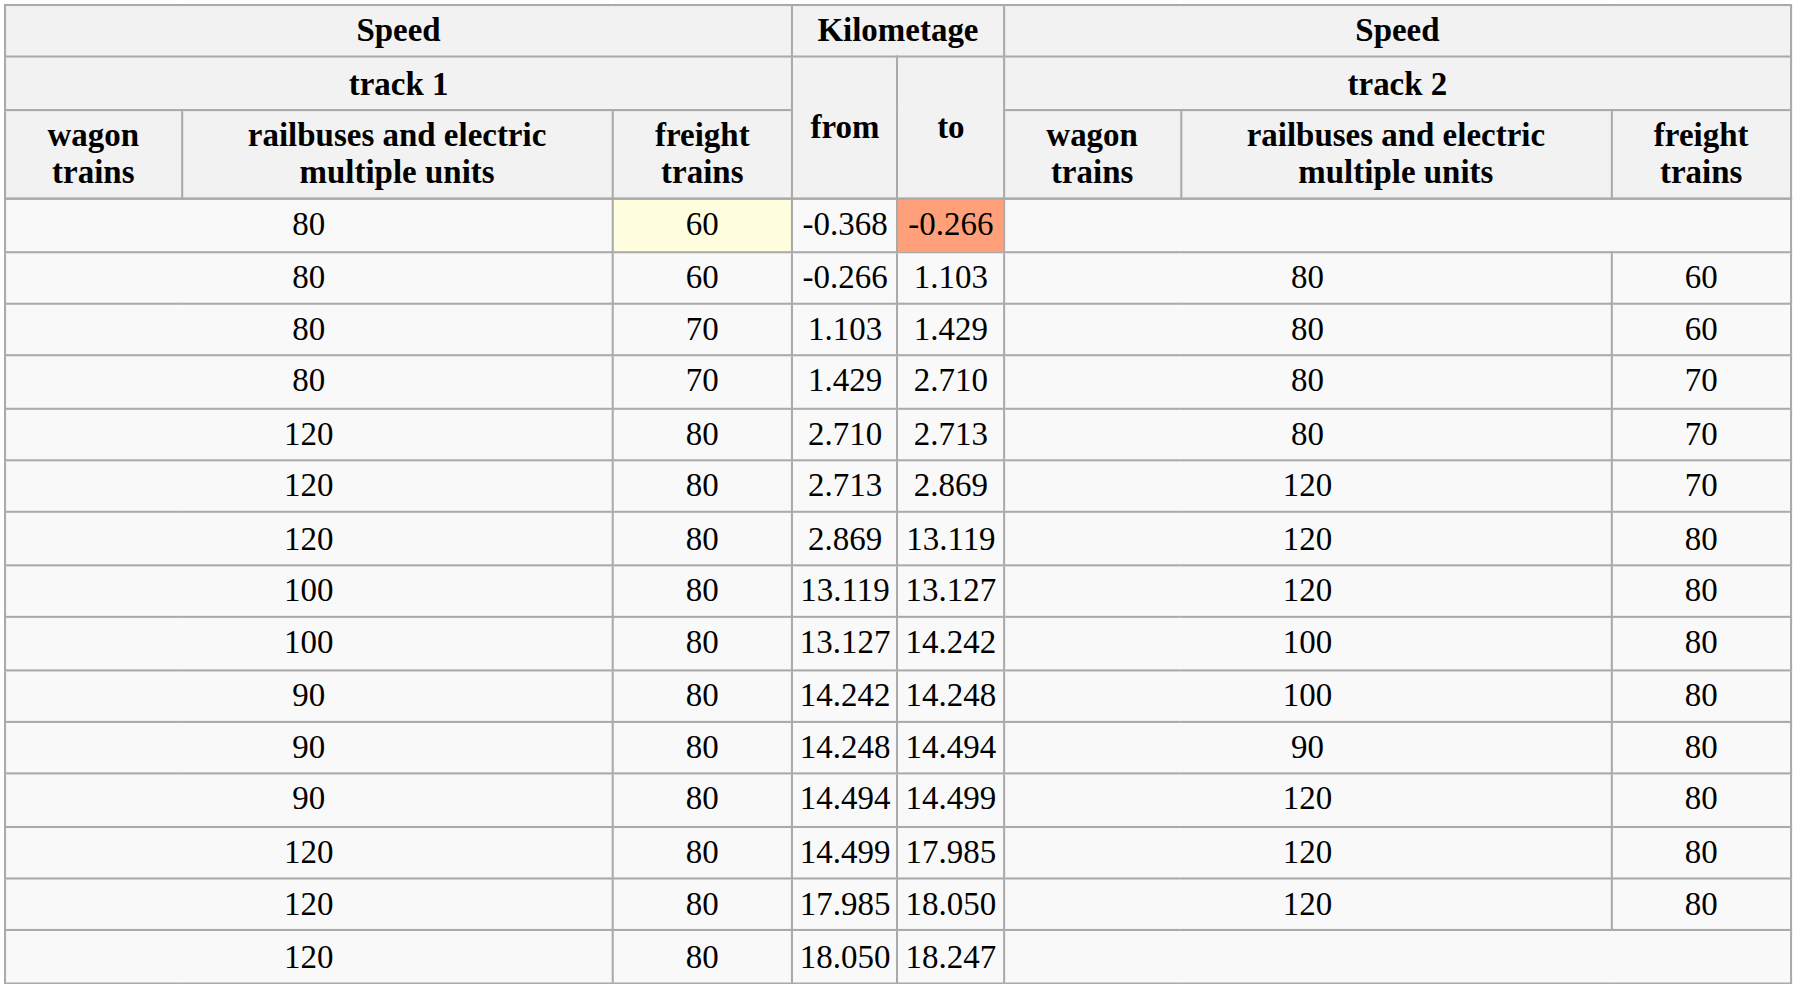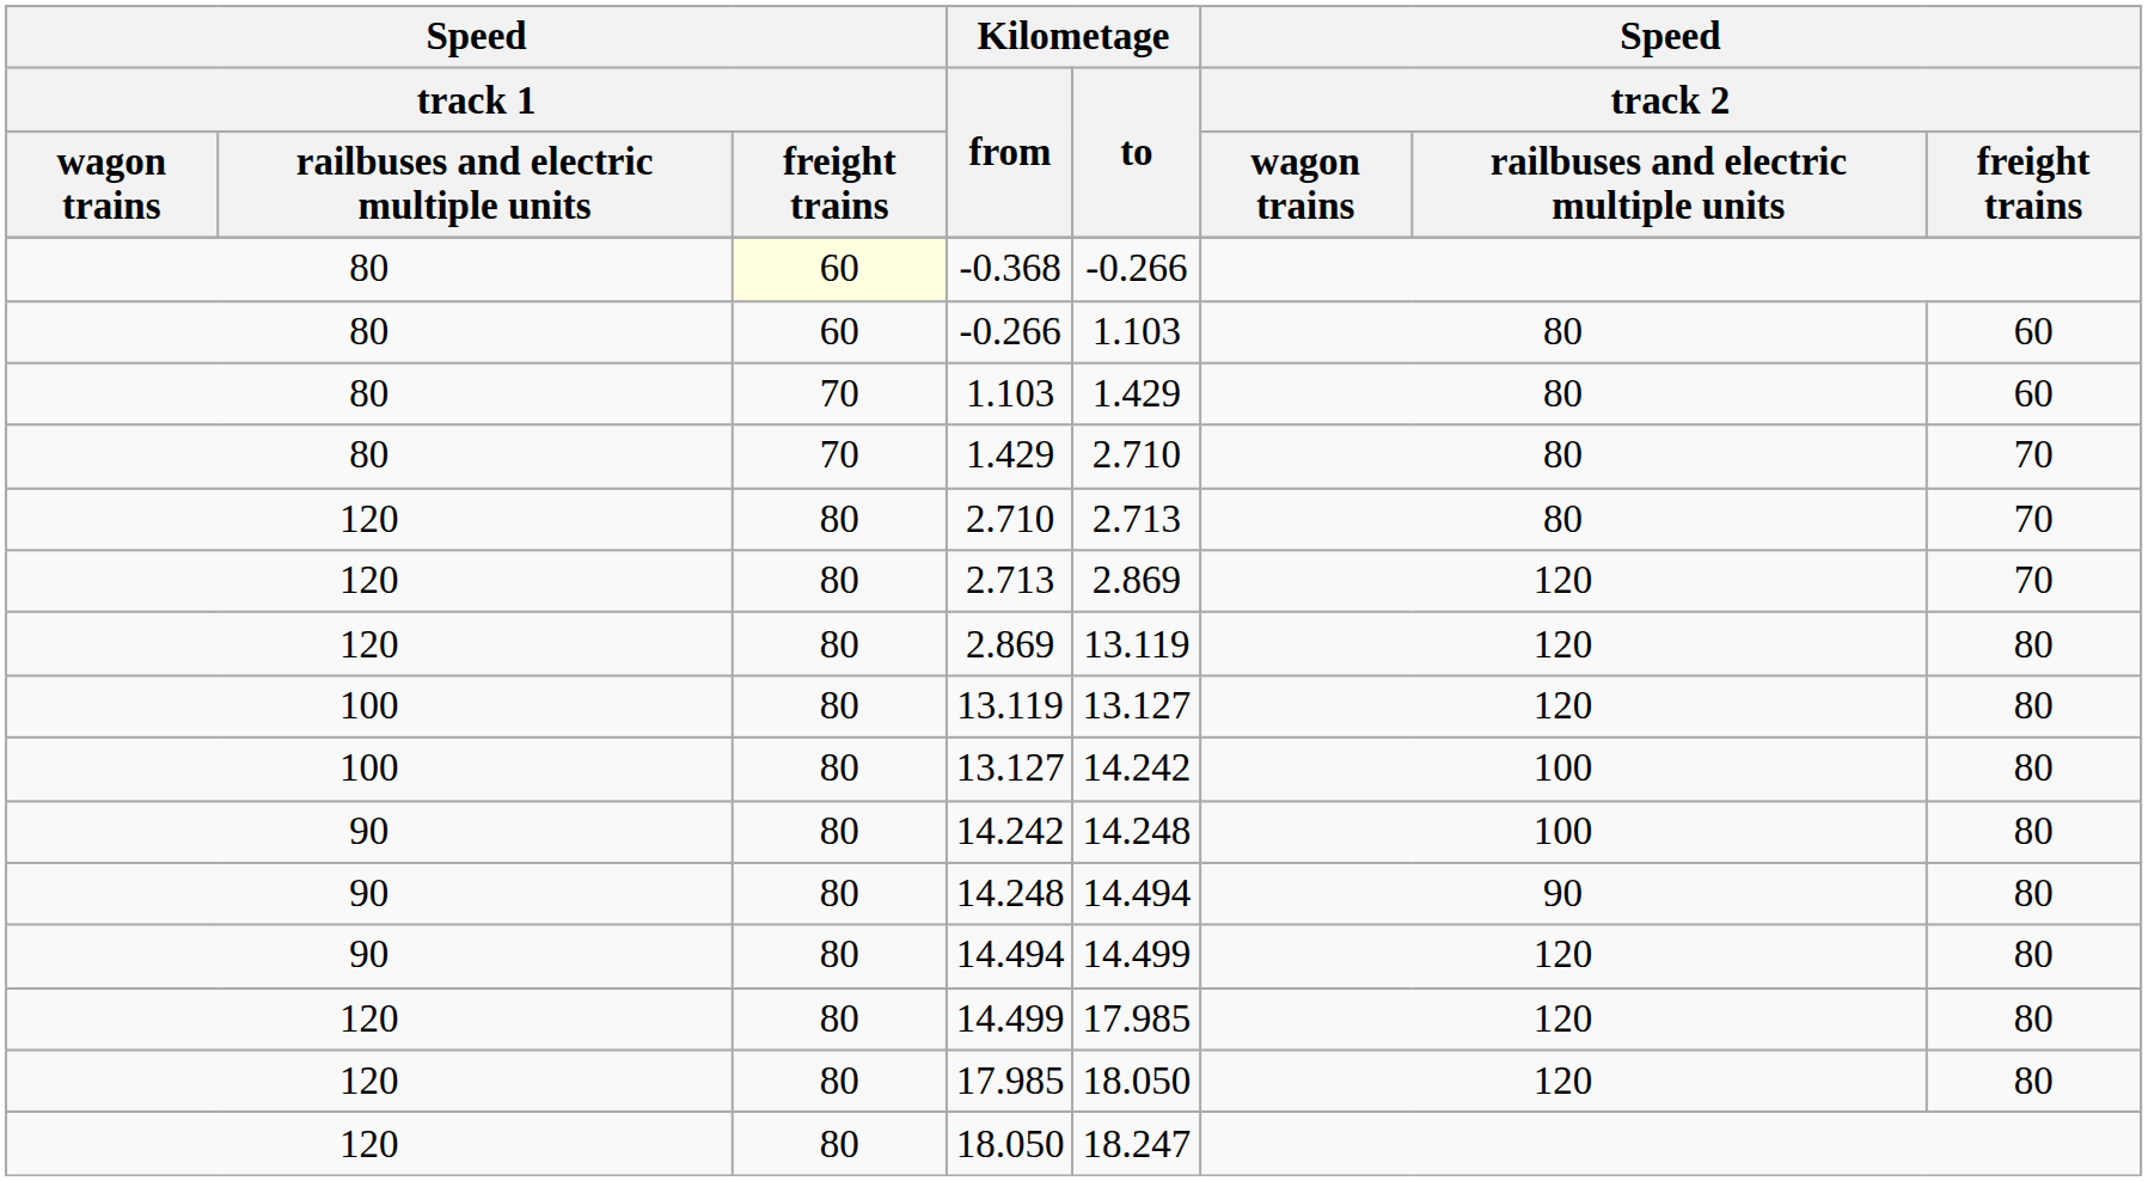 <table class="wikitable" style="text-align:center">
 <tr>
 <th colspan="3">Speed</th>
 <th colspan="2">Kilometage</th>
 <th colspan="3">Speed</th>
 </tr>
 <tr>
 <th colspan="3">track 1</th>
 <th rowspan="2">from</th>
 <th rowspan="2">to</th>
 <th colspan="3">track 2</th>
 </tr>
 <tr>
 <th>wagon trains</th>
 <th>railbuses and electric multiple units</th>
 <th>freight trains</th>
 <th>wagon trains</th>
 <th>railbuses and electric multiple units</th>
 <th>freight trains</th>
 </tr>
 <tr>
 </tr>
 <tr>
 <td colspan="2">80</td>
 <td style="background: lightyellow;">60</td>
 <td>-0.368</td>
-<td style="background: lightsalmon;">-0.266</td>
+<td>-0.266</td>
 <td colspan="3"></td>
 </tr>
 <tr>
 <td colspan="2">80</td>
 <td>60</td>
 <td>-0.266</td>
 <td>1.103</td>
 <td colspan="2">80</td>
 <td>60</td>
 </tr>
 <tr>
 <td colspan="2">80</td>
 <td>70</td>
 <td>1.103</td>
 <td>1.429</td>
 <td colspan="2">80</td>
 <td>60</td>
 </tr>
 <tr>
 <td colspan="2">80</td>
 <td>70</td>
 <td>1.429</td>
 <td>2.710</td>
 <td colspan="2">80</td>
 <td>70</td>
 </tr>
 <tr>
 <td colspan="2">120</td>
 <td>80</td>
 <td>2.710</td>
 <td>2.713</td>
 <td colspan="2">80</td>
 <td>70</td>
 </tr>
 <tr>
 <td colspan="2">120</td>
 <td>80</td>
 <td>2.713</td>
 <td>2.869</td>
 <td colspan="2">120</td>
 <td>70</td>
 </tr>
 <tr>
 <td colspan="2">120</td>
 <td>80</td>
 <td>2.869</td>
 <td>13.119</td>
 <td colspan="2">120</td>
 <td>80</td>
 </tr>
 <tr>
 <td colspan="2">100</td>
 <td>80</td>
 <td>13.119</td>
 <td>13.127</td>
 <td colspan="2">120</td>
 <td>80</td>
 </tr>
 <tr>
 <td colspan="2">100</td>
 <td>80</td>
 <td>13.127</td>
 <td>14.242</td>
 <td colspan="2">100</td>
 <td>80</td>
 </tr>
 <tr>
 <td colspan="2">90</td>
 <td>80</td>
 <td>14.242</td>
 <td>14.248</td>
 <td colspan="2">100</td>
 <td>80</td>
 </tr>
 <tr>
 <td colspan="2">90</td>
 <td>80</td>
 <td>14.248</td>
 <td>14.494</td>
 <td colspan="2">90</td>
 <td>80</td>
 </tr>
 <tr>
 <td colspan="2">90</td>
 <td>80</td>
 <td>14.494</td>
 <td>14.499</td>
 <td colspan="2">120</td>
 <td>80</td>
 </tr>
 <tr>
 <td colspan="2">120</td>
 <td>80</td>
 <td>14.499</td>
 <td>17.985</td>
 <td colspan="2">120</td>
 <td>80</td>
 </tr>
 <tr>
 <td colspan="2">120</td>
 <td>80</td>
 <td>17.985</td>
 <td>18.050</td>
 <td colspan="2">120</td>
 <td>80</td>
 </tr>
 <tr>
 <td colspan="2">120</td>
 <td>80</td>
 <td>18.050</td>
 <td>18.247</td>
 <td colspan="3"></td>
 </tr>
 </table>
